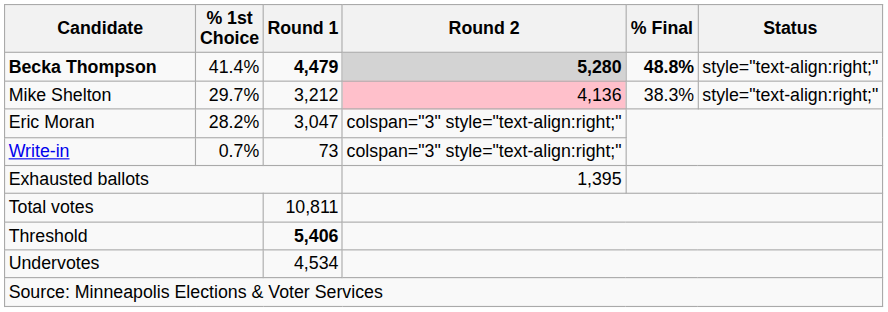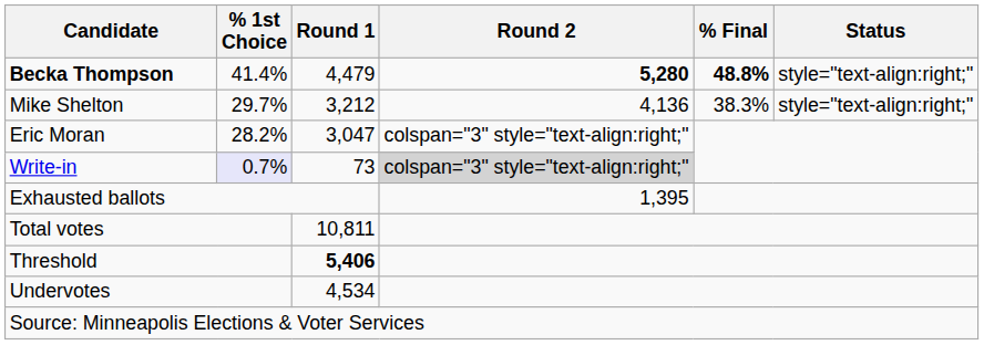 <table class="wikitable">
 <tr>
 <th style="width:165px">Candidate</th>
 <th>% 1st<br>Choice</th>
 <th>Round 1</th>
 <th>Round 2</th>
 <th style="width:58px;">% Final</th>
 <th>Status</th>
 </tr>
 <tr>
 <td><strong>Becka Thompson </strong></td>
 <td align="right">41.4%</td>
-<td align="right"><strong>4,479</strong></td>
-<td align="right" style="background: lightgrey;"><strong>5,280</strong></td>
+<td align="right">4,479</td>
+<td align="right"><strong>5,280</strong></td>
 <td align="right"><strong>48.8%</strong></td>
 <td>style="text-align:right;" </td>
 </tr>
 <tr>
 <td>Mike Shelton</td>
 <td align="right">29.7%</td>
 <td align="right">3,212</td>
-<td align="right" style="background: pink;">4,136</td>
+<td align="right">4,136</td>
 <td align="right">38.3%</td>
 <td>style="text-align:right;" </td>
 </tr>
 <tr>
 <td>Eric Moran</td>
 <td align="right">28.2%</td>
 <td align="right">3,047</td>
 <td>colspan="3" style="text-align:right;" </td>
 </tr>
 <tr>
 <td><a href='#'>Write-in</a></td>
-<td align="right">0.7%</td>
+<td align="right" style="background: lavender;">0.7%</td>
 <td align="right">73</td>
-<td>colspan="3" style="text-align:right;" </td>
+<td style="background: lightgrey;">colspan="3" style="text-align:right;" </td>
 </tr>
 <tr>
 <td colspan="3">Exhausted ballots</td>
 <td align="right">1,395</td>
 <td colspan="2" align="right"></td>
 </tr>
 <tr>
 <td colspan="2">Total votes</td>
 <td align="right">10,811</td>
 <td colspan="5"></td>
 </tr>
 <tr>
 <td colspan="2">Threshold</td>
 <td align="right"><strong>5,406</strong></td>
 <td colspan="5"></td>
 </tr>
 <tr>
 <td colspan="2">Undervotes</td>
 <td align="right">4,534</td>
 <td colspan="5"></td>
 </tr>
 <tr>
 <td colspan="7">Source: Minneapolis Elections & Voter Services</td>
 </tr>
 </table>
